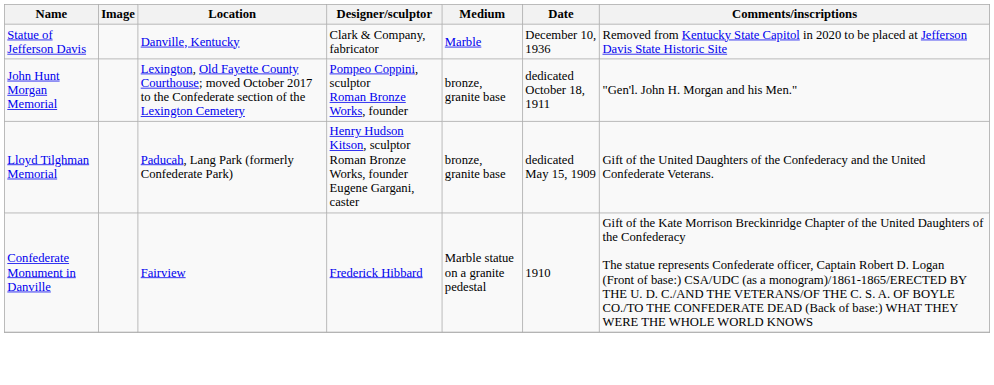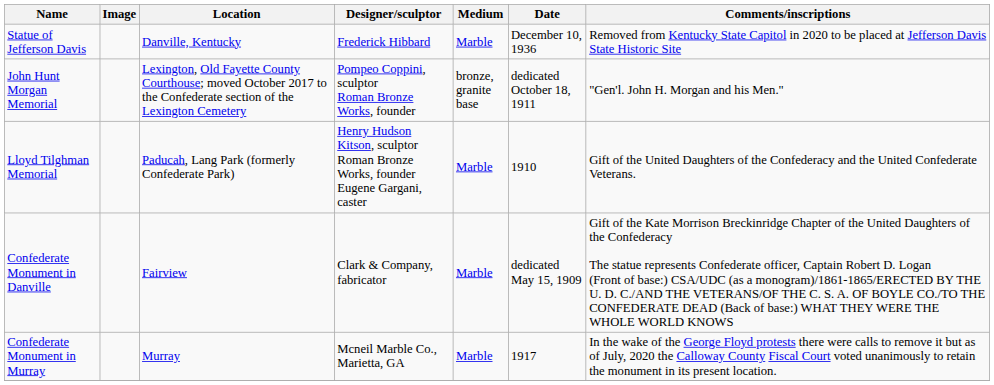 <table class="wikitable sortable">
 <tr>
 <th>Name</th>
 <th>Image</th>
 <th>Location</th>
 <th>Designer/sculptor</th>
 <th>Medium</th>
 <th>Date</th>
 <th>Comments/inscriptions</th>
 </tr>
 <tr>
 <td><a href='#'>Statue of Jefferson Davis</a></td>
 <td></td>
 <td><a href='#'>Danville, Kentucky</a></td>
-<td>Clark & Company, fabricator</td>
+<td><a href='#'>Frederick Hibbard</a></td>
 <td><a href='#'>Marble</a></td>
 <td>December 10, 1936</td>
 <td>Removed from <a href='#'>Kentucky State Capitol</a> in 2020 to be placed at <a href='#'>Jefferson Davis State Historic Site</a></td>
 </tr>
 <tr>
 <td><a href='#'>John Hunt Morgan Memorial</a></td>
 <td></td>
 <td><a href='#'>Lexington</a>, <a href='#'>Old Fayette County Courthouse</a>; moved October 2017 to the Confederate section of the <a href='#'>Lexington Cemetery</a></td>
 <td><a href='#'>Pompeo Coppini</a>, sculptor<br><a href='#'>Roman Bronze Works</a>, founder</td>
 <td>bronze,<br>granite base</td>
 <td>dedicated October 18, 1911</td>
 <td>"Gen'l. John H. Morgan and his Men."</td>
 </tr>
 <tr>
 <td><a href='#'>Lloyd Tilghman Memorial</a></td>
 <td></td>
 <td><a href='#'>Paducah</a>, Lang Park (formerly Confederate Park)</td>
 <td><a href='#'>Henry Hudson Kitson</a>, sculptor<br>Roman Bronze Works, founder<br>Eugene Gargani, caster</td>
-<td>bronze,<br>granite base</td>
-<td>dedicated May 15, 1909</td>
+<td><a href='#'>Marble</a></td>
+<td>1910</td>
 <td>Gift of the United Daughters of the Confederacy and the United Confederate Veterans.</td>
 </tr>
 <tr>
 <td><a href='#'>Confederate Monument in Danville</a></td>
 <td></td>
 <td><a href='#'>Fairview</a></td>
-<td><a href='#'>Frederick Hibbard</a></td>
-<td>Marble statue on a granite pedestal</td>
-<td>1910</td>
+<td>Clark & Company, fabricator</td>
+<td><a href='#'>Marble</a></td>
+<td>dedicated May 15, 1909</td>
 <td>Gift of the Kate Morrison Breckinridge Chapter of the United Daughters of the Confederacy<br><br>The statue represents Confederate officer, Captain Robert D. Logan<br> (Front of base:) CSA/UDC (as a monogram)/1861-1865/ERECTED BY THE U. D. C./AND THE VETERANS/OF THE C. S. A. OF BOYLE CO./TO THE CONFEDERATE DEAD (Back of base:) WHAT THEY WERE THE WHOLE WORLD KNOWS</td>
+</tr>
+<tr>
+<td><a href='#'>Confederate Monument in Murray</a></td>
+<td></td>
+<td><a href='#'>Murray</a></td>
+<td>Mcneil Marble Co., Marietta, GA</td>
+<td><a href='#'>Marble</a></td>
+<td>1917</td>
+<td>In the wake of the <a href='#'>George Floyd protests</a> there were calls to remove it but as of July, 2020 the <a href='#'>Calloway County</a> <a href='#'>Fiscal Court</a> voted unanimously to retain the monument in its present location.</td>
 </tr>
 <tr>
 </tr>
 </table>
